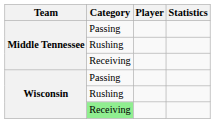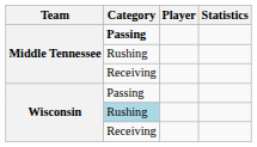 <table class="wikitable" style="float:right">
 <tr>
 <th>Team</th>
 <th>Category</th>
 <th>Player</th>
 <th>Statistics</th>
 </tr>
 <tr>
 <th rowspan=3>Middle Tennessee</th>
-<td>Passing</td>
+<td><strong>Passing</strong></td>
 <td></td>
 <td></td>
 </tr>
 <tr>
 <td>Rushing</td>
 <td></td>
 <td></td>
 </tr>
 <tr>
 <td>Receiving</td>
 <td></td>
 <td></td>
 </tr>
 <tr>
 <th rowspan=3>Wisconsin</th>
 <td>Passing</td>
 <td></td>
 <td></td>
 </tr>
 <tr>
-<td>Rushing</td>
+<td style="background: lightblue;">Rushing</td>
 <td></td>
 <td></td>
 </tr>
 <tr>
-<td style="background: lightgreen;">Receiving</td>
+<td>Receiving</td>
 <td></td>
 <td></td>
 </tr>
 </table>
